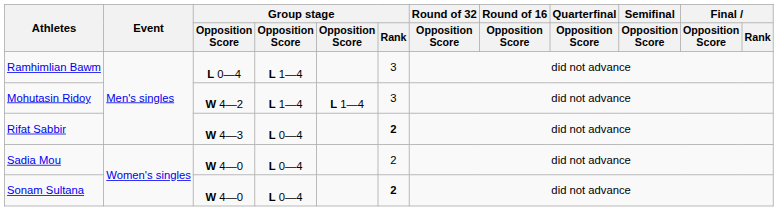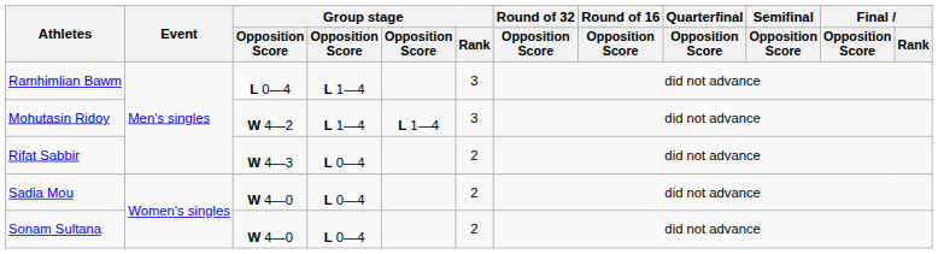 <table class=wikitable style=font-size:88%;text-align:center>
 <tr>
 <th rowspan=2>Athletes</th>
 <th rowspan=2>Event</th>
 <th colspan=4>Group stage</th>
 <th>Round of 32</th>
 <th>Round of 16</th>
 <th>Quarterfinal</th>
 <th>Semifinal</th>
 <th colspan=2>Final / </th>
 </tr>
 <tr style=font-size:95%>
 <th>Opposition<br>Score</th>
 <th>Opposition<br>Score</th>
 <th>Opposition<br>Score</th>
 <th>Rank</th>
 <th>Opposition<br>Score</th>
 <th>Opposition<br>Score</th>
 <th>Opposition<br>Score</th>
 <th>Opposition<br>Score</th>
 <th>Opposition<br>Score</th>
 <th>Rank</th>
 </tr>
 <tr>
 <td align=left><a href='#'>Ramhimlian Bawm</a></td>
 <td align=left rowspan=3><a href='#'>Men's singles</a></td>
 <td><br><strong>L</strong> 0―4</td>
 <td><br><strong>L</strong> 1―4</td>
 <td></td>
 <td>3</td>
 <td colspan=6>did not advance</td>
 </tr>
 <tr>
 <td align=left><a href='#'>Mohutasin Ridoy</a></td>
 <td><br><strong>W</strong> 4―2</td>
 <td><br><strong>L</strong> 1―4</td>
 <td><br><strong>L</strong> 1―4</td>
 <td>3</td>
 <td colspan=6>did not advance</td>
 </tr>
 <tr>
 <td align=left><a href='#'>Rifat Sabbir</a></td>
 <td><br><strong>W</strong> 4―3</td>
 <td><br><strong>L</strong> 0―4</td>
 <td></td>
-<td><strong>2</strong></td>
+<td>2</td>
 <td colspan=6>did not advance</td>
 </tr>
 <tr>
 <td align=left><a href='#'>Sadia Mou</a></td>
 <td align=left rowspan=2><a href='#'>Women's singles</a></td>
 <td><br><strong>W</strong> 4―0</td>
 <td><br><strong>L</strong> 0―4</td>
 <td></td>
 <td>2</td>
 <td colspan=6>did not advance</td>
 </tr>
 <tr>
 <td align=left><a href='#'>Sonam Sultana</a></td>
 <td><br><strong>W</strong> 4―0</td>
 <td><br><strong>L</strong> 0―4</td>
 <td></td>
-<td><strong>2</strong></td>
+<td>2</td>
 <td colspan=6>did not advance</td>
 </tr>
 </table>
